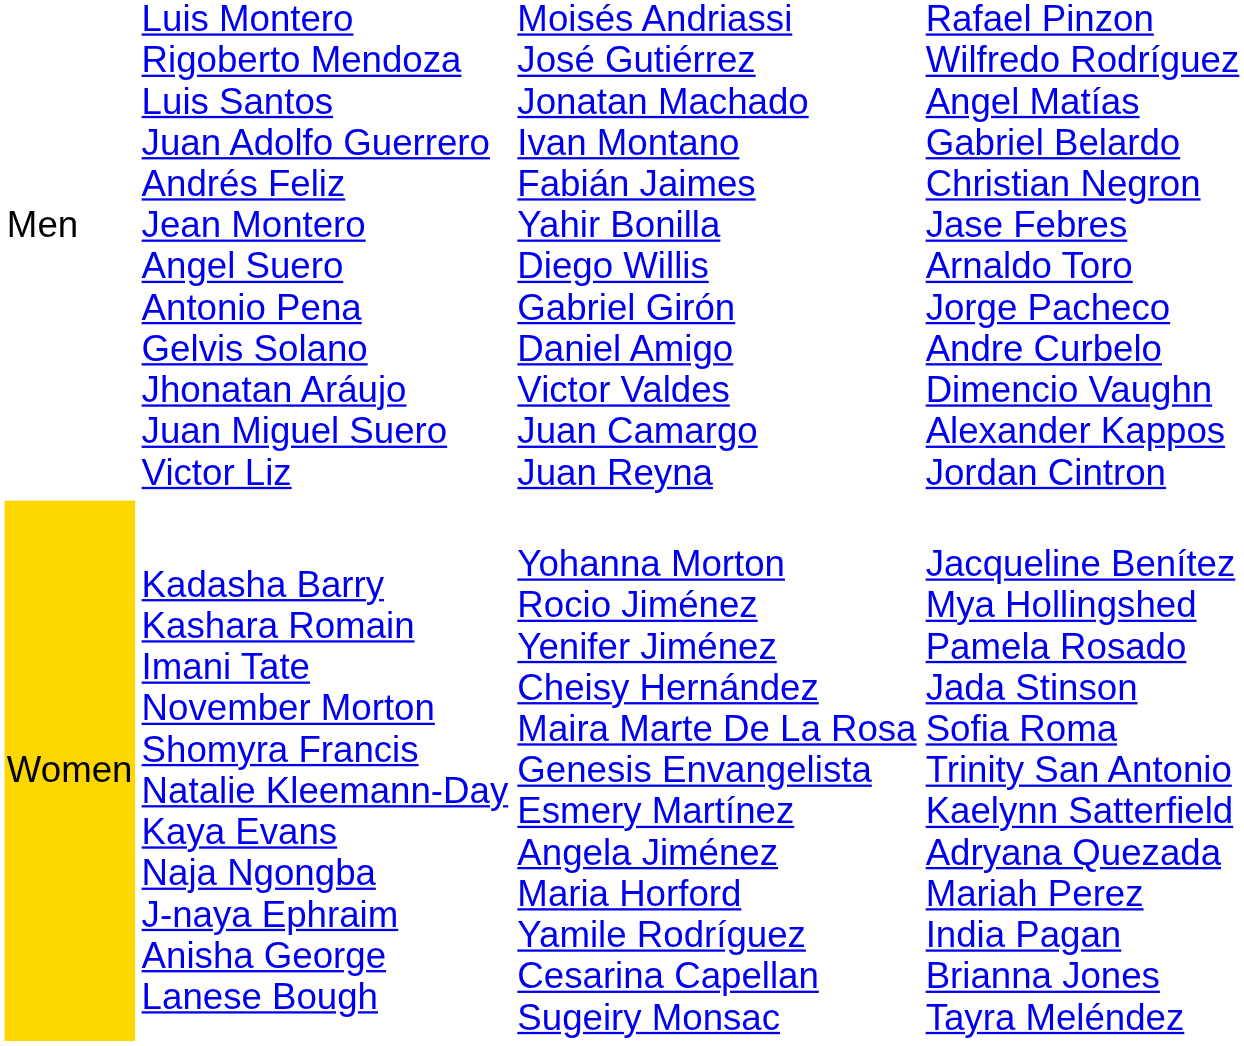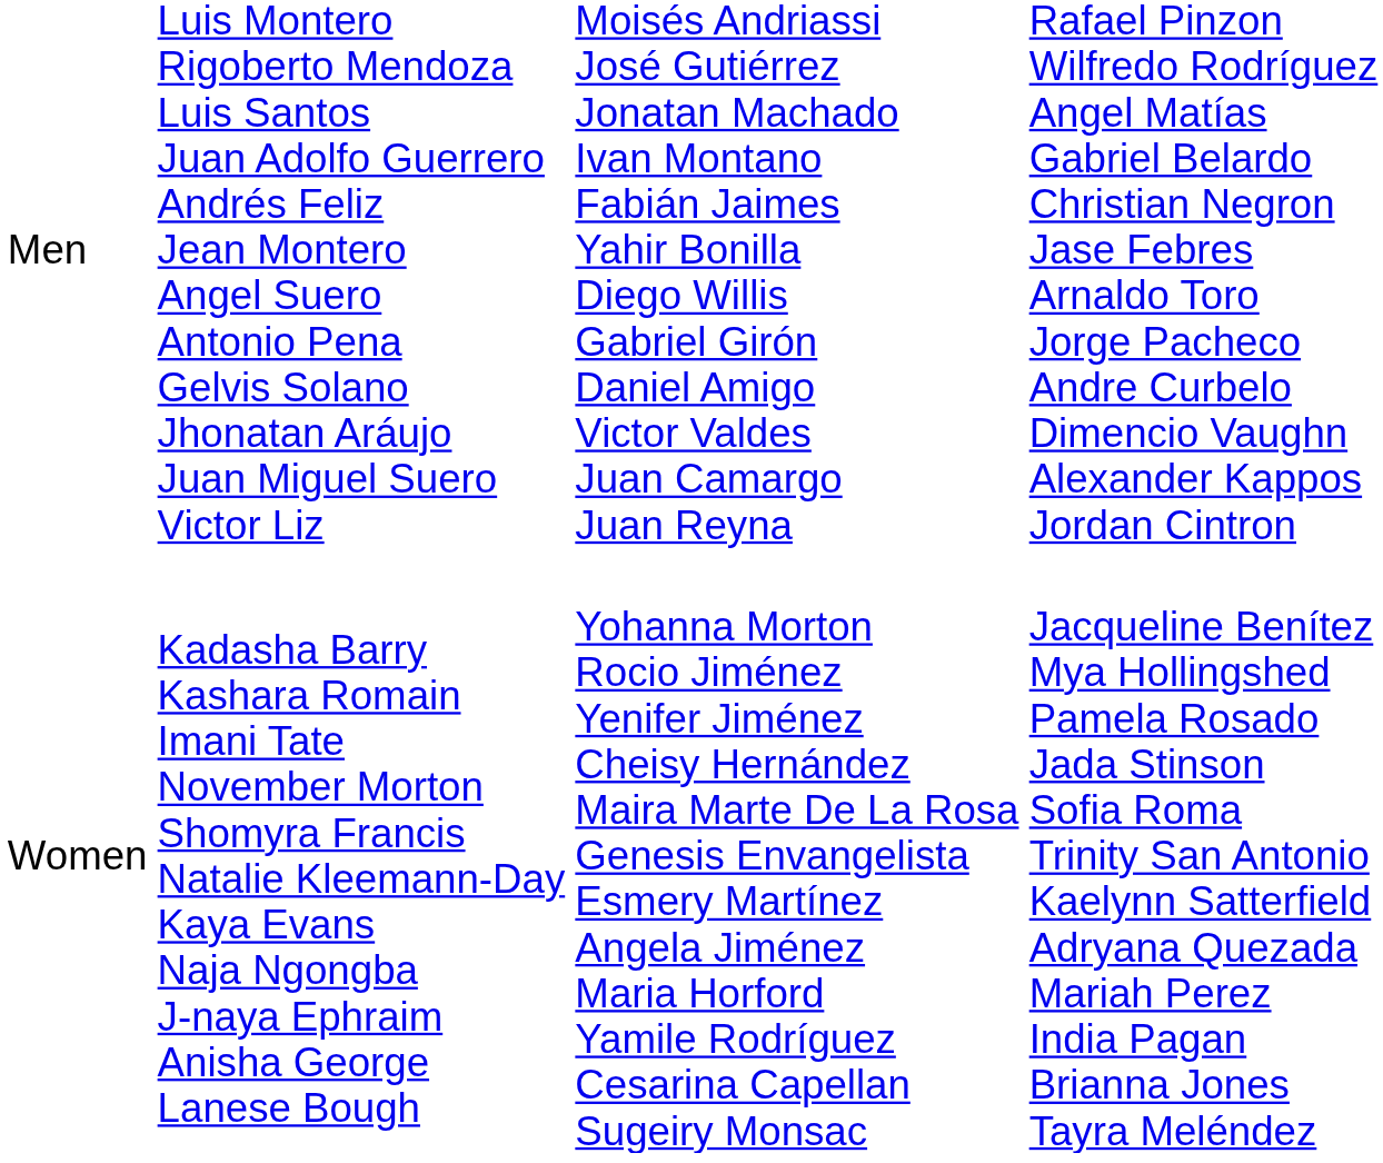 <table>
 <tr>
 <td>Men</td>
 <td><br><a href='#'>Luis Montero</a><br><a href='#'>Rigoberto Mendoza</a><br><a href='#'>Luis Santos</a><br><a href='#'>Juan Adolfo Guerrero</a><br><a href='#'>Andrés Feliz</a><br><a href='#'>Jean Montero</a><br><a href='#'>Angel Suero</a><br><a href='#'>Antonio Pena</a><br><a href='#'>Gelvis Solano</a><br><a href='#'>Jhonatan Aráujo</a><br><a href='#'>Juan Miguel Suero</a><br><a href='#'>Victor Liz</a></td>
 <td><br><a href='#'>Moisés Andriassi</a><br><a href='#'>José Gutiérrez</a><br><a href='#'>Jonatan Machado</a><br><a href='#'>Ivan Montano</a><br><a href='#'>Fabián Jaimes</a><br><a href='#'>Yahir Bonilla</a><br><a href='#'>Diego Willis</a><br><a href='#'>Gabriel Girón</a><br><a href='#'>Daniel Amigo</a><br><a href='#'>Victor Valdes</a><br><a href='#'>Juan Camargo</a><br><a href='#'>Juan Reyna</a></td>
 <td><br><a href='#'>Rafael Pinzon</a><br><a href='#'>Wilfredo Rodríguez</a><br><a href='#'>Angel Matías</a><br><a href='#'>Gabriel Belardo</a><br><a href='#'>Christian Negron</a><br><a href='#'>Jase Febres</a><br><a href='#'>Arnaldo Toro</a><br><a href='#'>Jorge Pacheco</a><br><a href='#'>Andre Curbelo</a><br><a href='#'>Dimencio Vaughn</a><br><a href='#'>Alexander Kappos</a><br><a href='#'>Jordan Cintron</a></td>
 </tr>
 <tr>
-<td style="background: gold;">Women</td>
+<td>Women</td>
 <td><br><a href='#'>Kadasha Barry</a><br><a href='#'>Kashara Romain</a><br><a href='#'>Imani Tate</a><br><a href='#'>November Morton</a><br><a href='#'>Shomyra Francis</a><br><a href='#'>Natalie Kleemann-Day</a><br><a href='#'>Kaya Evans</a><br><a href='#'>Naja Ngongba</a><br><a href='#'>J-naya Ephraim</a><br><a href='#'>Anisha George</a><br><a href='#'>Lanese Bough</a></td>
 <td><br><a href='#'>Yohanna Morton</a><br><a href='#'>Rocio Jiménez</a><br><a href='#'>Yenifer Jiménez</a><br><a href='#'>Cheisy Hernández</a><br><a href='#'>Maira Marte De La Rosa</a><br><a href='#'>Genesis Envangelista</a><br><a href='#'>Esmery Martínez</a><br><a href='#'>Angela Jiménez</a><br><a href='#'>Maria Horford</a><br><a href='#'>Yamile Rodríguez</a><br><a href='#'>Cesarina Capellan</a><br><a href='#'>Sugeiry Monsac</a></td>
 <td><br><a href='#'>Jacqueline Benítez</a><br><a href='#'>Mya Hollingshed</a><br><a href='#'>Pamela Rosado</a><br><a href='#'>Jada Stinson</a><br><a href='#'>Sofia Roma</a><br><a href='#'>Trinity San Antonio</a><br><a href='#'>Kaelynn Satterfield</a><br><a href='#'>Adryana Quezada</a><br><a href='#'>Mariah Perez</a><br><a href='#'>India Pagan</a><br><a href='#'>Brianna Jones</a><br><a href='#'>Tayra Meléndez</a></td>
 </tr>
 </table>
